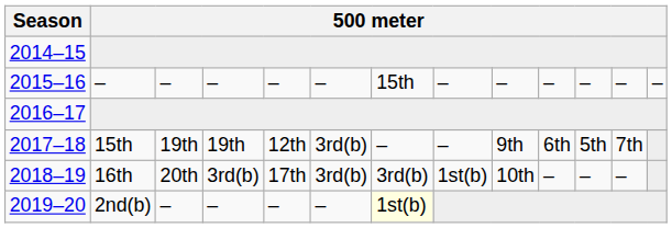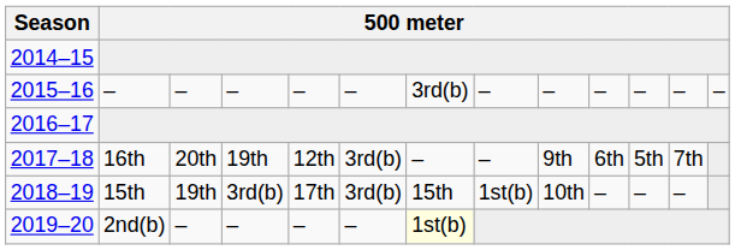 <table class="wikitable" style="display: inline-table;">
 <tr>
 <th>Season</th>
 <th colspan="12">500 meter</th>
 </tr>
 <tr>
 <td><a href='#'>2014–15</a></td>
 <td colspan="12" bgcolor=#EEEEEE></td>
 </tr>
 <tr>
 <td><a href='#'>2015–16</a></td>
 <td>–</td>
 <td>–</td>
 <td>–</td>
 <td>–</td>
 <td>–</td>
-<td>15th</td>
+<td>3rd(b)</td>
 <td>–</td>
 <td>–</td>
 <td>–</td>
 <td>–</td>
 <td>–</td>
 <td>–</td>
 </tr>
 <tr>
 <td><a href='#'>2016–17</a></td>
 <td colspan="12" bgcolor=#EEEEEE></td>
 </tr>
 <tr>
 <td><a href='#'>2017–18</a></td>
-<td>15th</td>
-<td>19th</td>
+<td>16th</td>
+<td>20th</td>
 <td>19th</td>
 <td>12th</td>
 <td>3rd(b)</td>
 <td>–</td>
 <td>–</td>
 <td>9th</td>
 <td>6th</td>
 <td>5th</td>
 <td>7th</td>
 <td colspan="1" bgcolor=#EEEEEE></td>
 </tr>
 <tr>
 <td><a href='#'>2018–19</a></td>
-<td>16th</td>
-<td>20th</td>
+<td>15th</td>
+<td>19th</td>
 <td>3rd(b)</td>
 <td>17th</td>
 <td>3rd(b)</td>
-<td>3rd(b)</td>
+<td>15th</td>
 <td>1st(b)</td>
 <td>10th</td>
 <td>–</td>
 <td>–</td>
 <td>–</td>
 <td colspan="1" bgcolor=#EEEEEE></td>
 </tr>
 <tr>
 <td><a href='#'>2019–20</a></td>
 <td>2nd(b)</td>
 <td>–</td>
 <td>–</td>
 <td>–</td>
 <td>–</td>
 <td style="background: lightyellow;">1st(b)</td>
 <td colspan="6" bgcolor=#EEEEEE></td>
 </tr>
 </table>
